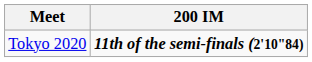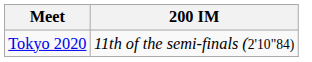 <table class="wikitable">
 <tr>
 <th>Meet</th>
 <th>200 IM</th>
 </tr>
 <tr>
 <td><a href='#'>Tokyo 2020</a></td>
-<td><strong><em>11th of the semi-finals (</em><small>2'10"84)</small></strong></td>
+<td><em>11th of the semi-finals (</em><small>2'10"84)</small></td>
 </tr>
 </table>
